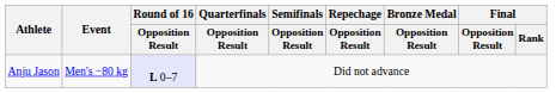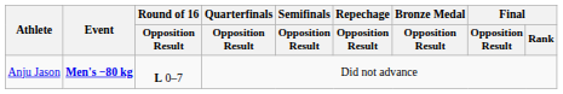 <table class="wikitable" style="font-size:90%">
 <tr>
 <th rowspan="2">Athlete</th>
 <th rowspan="2">Event</th>
 <th>Round of 16</th>
 <th>Quarterfinals</th>
 <th>Semifinals</th>
 <th>Repechage</th>
 <th>Bronze Medal</th>
 <th colspan="2">Final</th>
 </tr>
 <tr style="font-size:95%">
 <th>Opposition<br>Result</th>
 <th>Opposition<br>Result</th>
 <th>Opposition<br>Result</th>
 <th>Opposition<br>Result</th>
 <th>Opposition<br>Result</th>
 <th>Opposition<br>Result</th>
 <th>Rank</th>
 </tr>
 <tr align="center">
 <td align="left"><a href='#'>Anju Jason</a></td>
-<td align="left"><a href='#'>Men's −80 kg</a></td>
-<td style="background: lavender;"><br><strong>L</strong> 0–7</td>
+<td align="left"><strong><a href='#'>Men's −80 kg</a></strong></td>
+<td><br><strong>L</strong> 0–7</td>
 <td colspan="6">Did not advance</td>
 </tr>
 </table>
